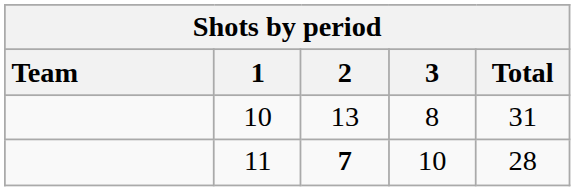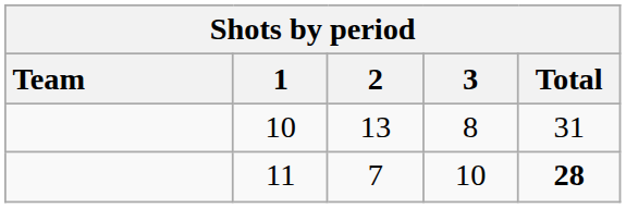 <table class="wikitable" style="width:20em;">
 <tr>
 <th colspan="6">Shots by period</th>
 </tr>
 <tr>
 <th style="width:8em; text-align:left;">Team</th>
 <th style="width:3em;">1</th>
 <th style="width:3em;">2</th>
 <th style="width:3em;">3</th>
 <th style="width:3em;">Total</th>
 </tr>
 <tr style="text-align:center;">
 <td style="text-align:left;"></td>
 <td>10</td>
 <td>13</td>
 <td>8</td>
 <td>31</td>
 </tr>
 <tr style="text-align:center;">
 <td style="text-align:left;"></td>
 <td>11</td>
-<td><strong>7</strong></td>
+<td>7</td>
 <td>10</td>
-<td>28</td>
+<td><strong>28</strong></td>
 </tr>
 </table>
